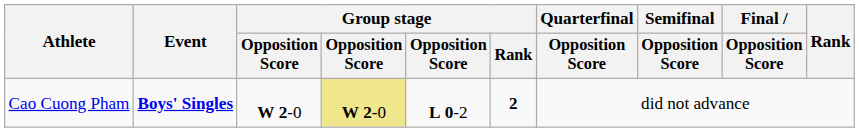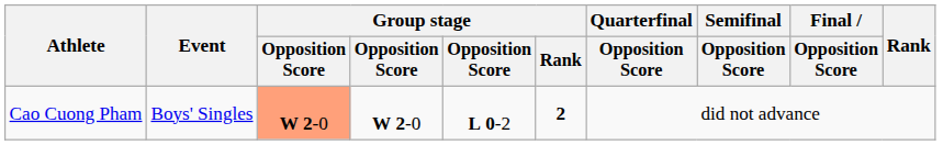 <table class="wikitable" style="font-size:90%">
 <tr>
 <th rowspan=2>Athlete</th>
 <th rowspan=2>Event</th>
 <th colspan=4>Group stage</th>
 <th>Quarterfinal</th>
 <th>Semifinal</th>
 <th>Final / </th>
 <th rowspan=2>Rank</th>
 </tr>
 <tr style="font-size:95%">
 <th>Opposition<br>Score</th>
 <th>Opposition<br>Score</th>
 <th>Opposition<br>Score</th>
 <th>Rank</th>
 <th>Opposition<br>Score</th>
 <th>Opposition<br>Score</th>
 <th>Opposition<br>Score</th>
 </tr>
 <tr align=center>
 <td align=left><a href='#'>Cao Cuong Pham</a></td>
-<td align=left><strong><a href='#'>Boys' Singles</a></strong></td>
+<td align=left><a href='#'>Boys' Singles</a></td>
+<td style="background: lightsalmon;"> <br> <strong>W</strong> <strong>2</strong>-0</td>
 <td> <br> <strong>W</strong> <strong>2</strong>-0</td>
-<td style="background: khaki;"> <br> <strong>W</strong> <strong>2</strong>-0</td>
 <td> <br> <strong>L</strong> <strong>0</strong>-2</td>
 <td><strong>2</strong></td>
 <td colspan=4>did not advance</td>
 </tr>
 </table>
